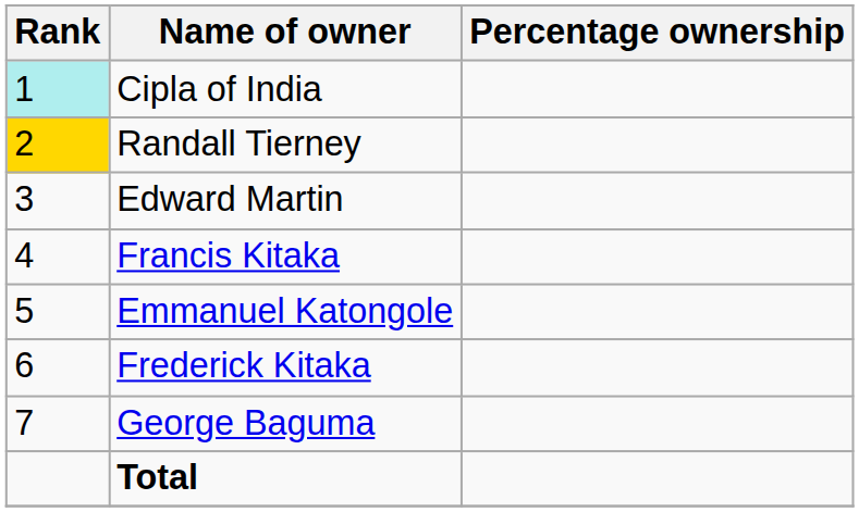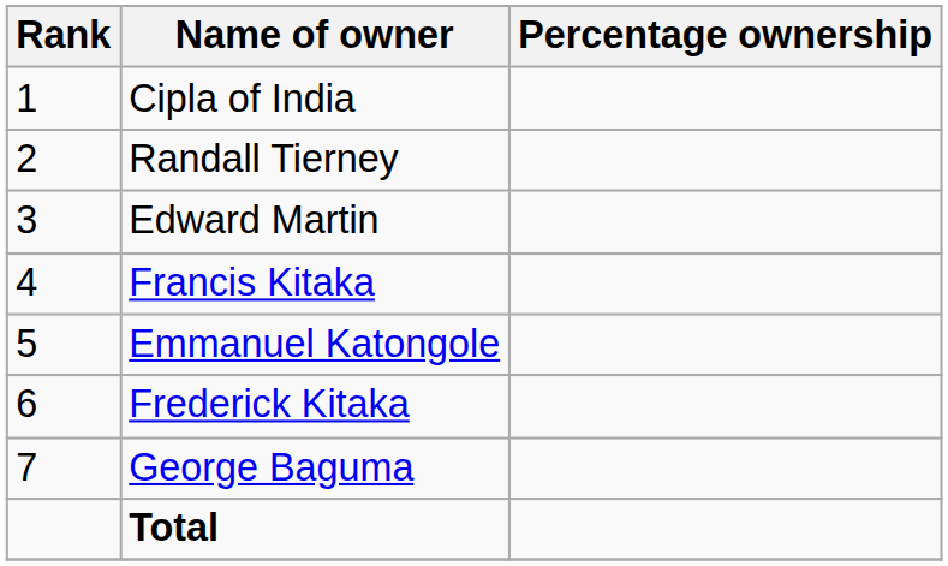 <table class="wikitable sortable" style="margin-left:auto;margin-right:auto">
 <tr>
 <th style="width:2em;">Rank</th>
 <th>Name of owner</th>
 <th>Percentage ownership</th>
 </tr>
 <tr>
-<td style="background: paleturquoise;">1</td>
+<td>1</td>
 <td>Cipla of India</td>
 <td></td>
 </tr>
 <tr>
-<td style="background: gold;">2</td>
+<td>2</td>
 <td>Randall Tierney</td>
 <td></td>
 </tr>
 <tr>
 <td>3</td>
 <td>Edward Martin</td>
 <td></td>
 </tr>
 <tr>
 <td>4</td>
 <td><a href='#'>Francis Kitaka</a></td>
 <td></td>
 </tr>
 <tr>
 <td>5</td>
 <td><a href='#'>Emmanuel Katongole</a></td>
 <td></td>
 </tr>
 <tr>
 <td>6</td>
 <td><a href='#'>Frederick Kitaka</a></td>
 <td></td>
 </tr>
 <tr>
 <td>7</td>
 <td><a href='#'>George Baguma</a></td>
 <td></td>
 </tr>
 <tr>
 <td></td>
 <td><strong>Total</strong></td>
 <td></td>
 </tr>
 <tr>
 </tr>
 </table>
